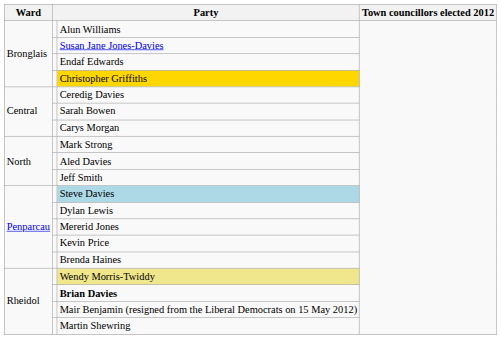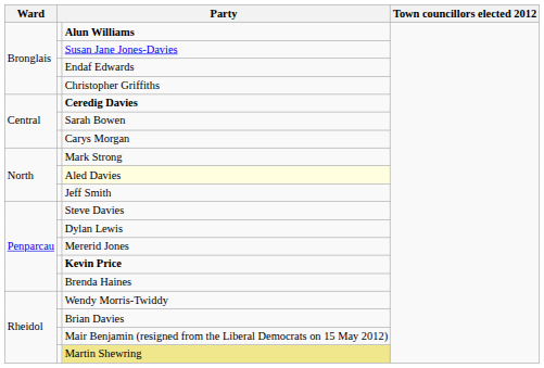 <table class="wikitable">
 <tr>
 <th>Ward</th>
 <th colspan=2>Party</th>
 <th>Town councillors elected 2012</th>
 </tr>
 <tr>
 <td rowspan="4">Bronglais</td>
 <td></td>
-<td>Alun Williams</td>
+<td><strong>Alun Williams</strong></td>
 </tr>
 <tr>
 <td></td>
 <td><a href='#'>Susan Jane Jones-Davies</a></td>
 </tr>
 <tr>
 <td></td>
 <td>Endaf Edwards</td>
 </tr>
 <tr>
 <td></td>
-<td style="background: gold;">Christopher Griffiths</td>
+<td>Christopher Griffiths</td>
 </tr>
 <tr>
 <td rowspan="3">Central</td>
 <td></td>
-<td>Ceredig Davies</td>
+<td><strong>Ceredig Davies</strong></td>
 </tr>
 <tr>
 <td></td>
 <td>Sarah Bowen</td>
 </tr>
 <tr>
 <td></td>
 <td>Carys Morgan</td>
 </tr>
 <tr>
 <td rowspan="3">North</td>
 <td></td>
 <td>Mark Strong</td>
 </tr>
 <tr>
 <td></td>
-<td>Aled Davies</td>
+<td style="background: lightyellow;">Aled Davies</td>
 </tr>
 <tr>
 <td></td>
 <td>Jeff Smith</td>
 </tr>
 <tr>
 <td rowspan="5"><a href='#'>Penparcau</a></td>
 <td></td>
-<td style="background: lightblue;">Steve Davies</td>
+<td>Steve Davies</td>
 </tr>
 <tr>
 <td></td>
 <td>Dylan Lewis</td>
 </tr>
 <tr>
 <td></td>
 <td>Mererid Jones</td>
 </tr>
 <tr>
 <td></td>
-<td>Kevin Price</td>
+<td><strong>Kevin Price</strong></td>
 </tr>
 <tr>
 <td></td>
 <td>Brenda Haines</td>
 </tr>
 <tr>
 <td rowspan="4">Rheidol</td>
 <td></td>
-<td style="background: khaki;">Wendy Morris-Twiddy</td>
+<td>Wendy Morris-Twiddy</td>
 </tr>
 <tr>
 <td></td>
-<td><strong>Brian Davies</strong></td>
+<td>Brian Davies</td>
 </tr>
 <tr>
 <td></td>
 <td>Mair Benjamin (resigned from the Liberal Democrats on 15 May 2012)</td>
 </tr>
 <tr>
 <td></td>
-<td>Martin Shewring</td>
+<td style="background: khaki;">Martin Shewring</td>
 </tr>
 </table>
